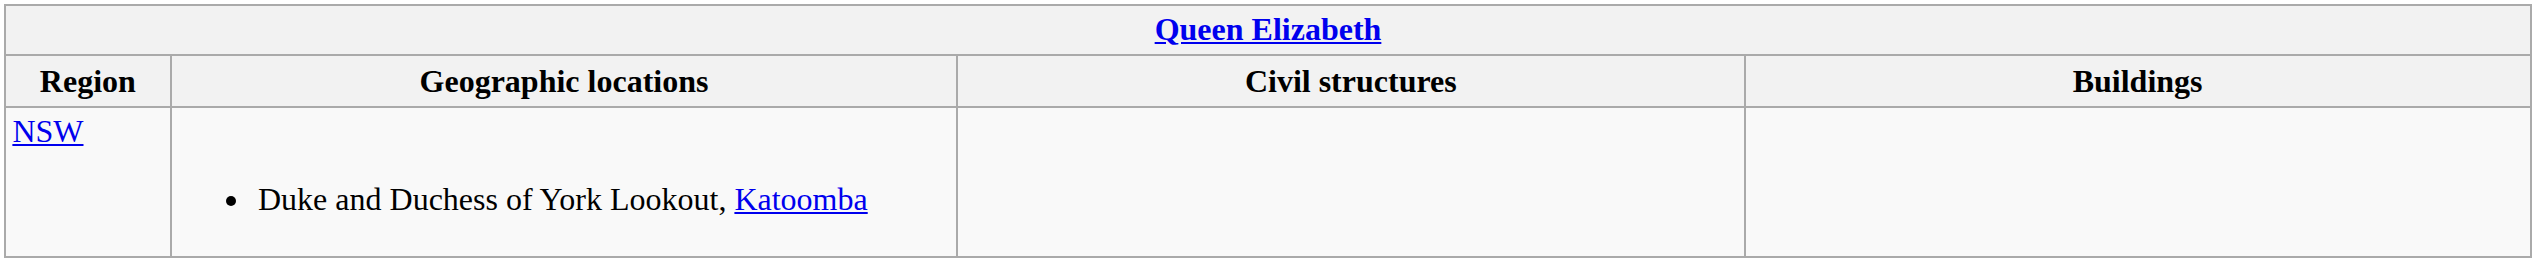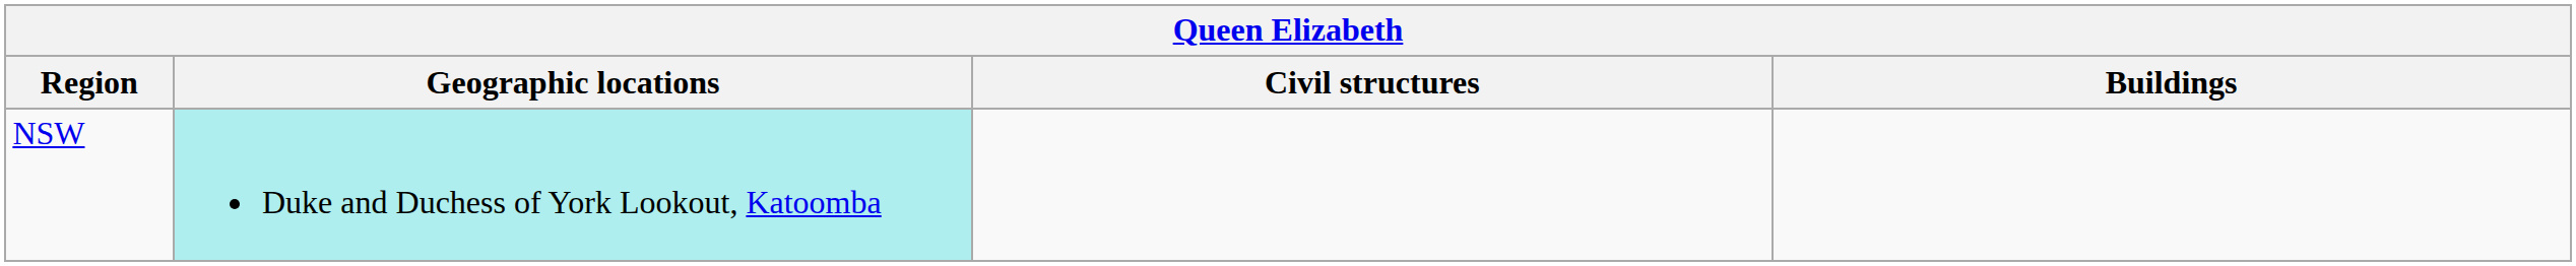 <table class="wikitable" width="100%">
 <tr>
 <th colspan="4"> <a href='#'>Queen Elizabeth</a></th>
 </tr>
 <tr>
 <th width="5%">Region</th>
 <th width="23.75%">Geographic locations</th>
 <th width="23.75%">Civil structures</th>
 <th width="23.75%">Buildings</th>
 </tr>
 <tr>
 <td align=left valign=top> <a href='#'>NSW</a></td>
-<td><br><ul><li>Duke and Duchess of York Lookout, <a href='#'>Katoomba</a></li></ul></td>
+<td style="background: paleturquoise;"><br><ul><li>Duke and Duchess of York Lookout, <a href='#'>Katoomba</a></li></ul></td>
 <td></td>
 <td></td>
 </tr>
 </table>
